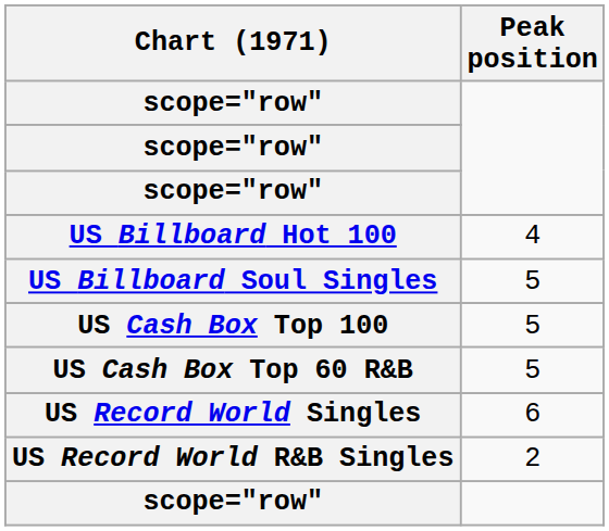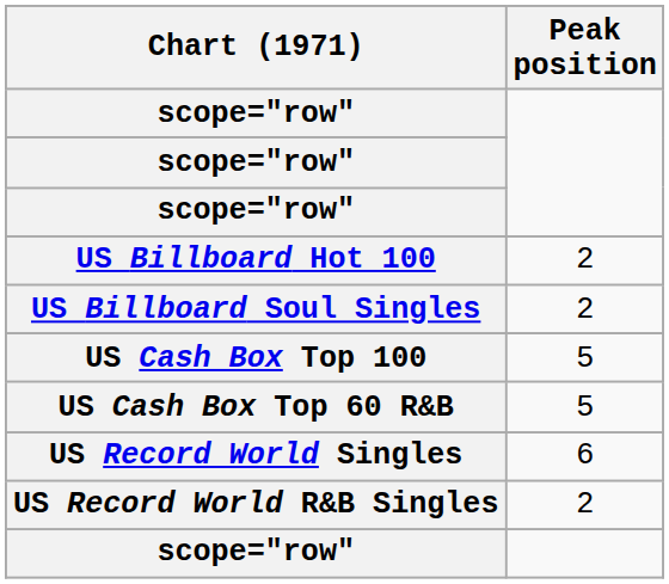 <table class="wikitable plainrowheaders sortable" style="text-align:center;">
 <tr>
 <th scope="col">Chart (1971)</th>
 <th scope="col">Peak<br>position</th>
 </tr>
 <tr>
 <th>scope="row" </th>
 </tr>
 <tr>
 <th>scope="row" </th>
 </tr>
 <tr>
 <th>scope="row" </th>
 </tr>
 <tr>
 <th scope="row"><a href='#'>US <em>Billboard</em> Hot 100</a></th>
-<td style="text-align:center;">4</td>
+<td style="text-align:center;">2</td>
 </tr>
 <tr>
 <th scope="row"><a href='#'>US <em>Billboard</em> Soul Singles</a></th>
-<td style="text-align:center;">5</td>
+<td style="text-align:center;">2</td>
 </tr>
 <tr>
 <th scope="row">US <em><a href='#'>Cash Box</a></em> Top 100</th>
 <td style="text-align:center;">5</td>
 </tr>
 <tr>
 <th scope="row">US <em>Cash Box</em> Top 60 R&B</th>
 <td style="text-align:center;">5</td>
 </tr>
 <tr>
 <th scope="row">US <em><a href='#'>Record World</a></em> Singles</th>
 <td style="text-align:center;">6</td>
 </tr>
 <tr>
 <th scope="row">US <em>Record World</em> R&B Singles</th>
 <td style="text-align:center;">2</td>
 </tr>
 <tr>
 <th>scope="row" </th>
 </tr>
 </table>
